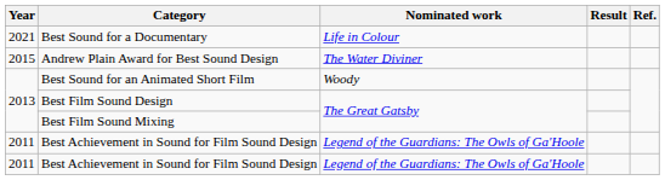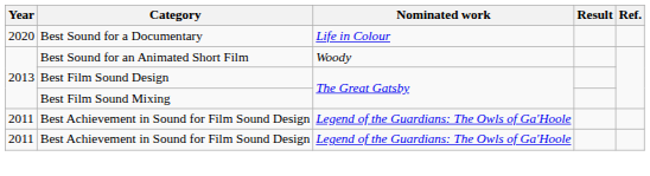 <table class="wikitable">
 <tr>
 <th>Year</th>
 <th>Category</th>
 <th>Nominated work</th>
 <th>Result</th>
 <th>Ref.</th>
 </tr>
 <tr>
-<td>2021</td>
+<td>2020</td>
 <td>Best Sound for a Documentary</td>
 <td><em><a href='#'>Life in Colour</a></em></td>
-<td></td>
-<td></td>
-</tr>
-<tr>
-<td>2015</td>
-<td>Andrew Plain Award for Best Sound Design</td>
-<td><em><a href='#'>The Water Diviner</a></em></td>
 <td></td>
 <td></td>
 </tr>
 <tr>
 <td rowspan="3">2013</td>
 <td>Best Sound for an Animated Short Film</td>
 <td><em>Woody</em></td>
 <td></td>
 <td rowspan="3"></td>
 </tr>
 <tr>
 <td>Best Film Sound Design</td>
 <td rowspan="2"><em><a href='#'>The Great Gatsby</a></em></td>
 <td></td>
 </tr>
 <tr>
 <td>Best Film Sound Mixing</td>
 <td></td>
 </tr>
 <tr>
 <td>2011</td>
 <td>Best Achievement in Sound for Film Sound Design</td>
 <td><em><a href='#'>Legend of the Guardians: The Owls of Ga'Hoole</a></em></td>
 <td></td>
 <td></td>
 </tr>
 <tr>
 <td>2011</td>
 <td>Best Achievement in Sound for Film Sound Design</td>
 <td><em><a href='#'>Legend of the Guardians: The Owls of Ga'Hoole</a></em></td>
 <td></td>
 <td></td>
 </tr>
 </table>
